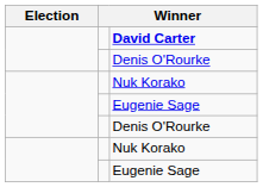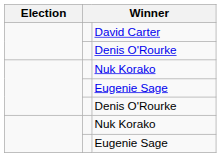 <table class=wikitable>
 <tr>
 <th width=100>Election</th>
 <th colspan=2 width=175>Winner</th>
 </tr>
 <tr>
 <td rowspan=2></td>
 <td width=5 bgcolor=></td>
-<td><strong><a href='#'>David Carter</a></strong></td>
+<td><a href='#'>David Carter</a></td>
 </tr>
 <tr>
 <td bgcolor=></td>
 <td><a href='#'>Denis O'Rourke</a></td>
 </tr>
 <tr>
 <td rowspan=3></td>
 <td bgcolor=></td>
 <td><a href='#'>Nuk Korako</a></td>
 </tr>
 <tr>
 <td bgcolor=></td>
 <td><a href='#'>Eugenie Sage</a></td>
 </tr>
 <tr>
 <td bgcolor=></td>
 <td>Denis O'Rourke</td>
 </tr>
 <tr>
 <td rowspan=2></td>
 <td bgcolor=></td>
 <td>Nuk Korako</td>
 </tr>
 <tr>
 <td bgcolor=></td>
 <td>Eugenie Sage</td>
 </tr>
 </table>
